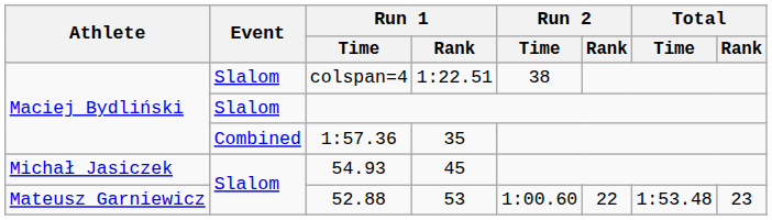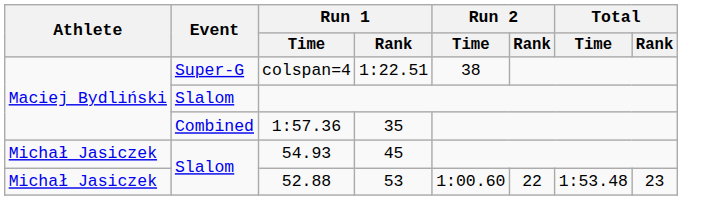 <table class="wikitable" style="font-size:90%">
 <tr>
 <th rowspan=2>Athlete</th>
 <th rowspan=2>Event</th>
 <th colspan=2>Run 1</th>
 <th colspan=2>Run 2</th>
 <th colspan=2>Total</th>
 </tr>
 <tr style="font-size:95%">
 <th>Time</th>
 <th>Rank</th>
 <th>Time</th>
 <th>Rank</th>
 <th>Time</th>
 <th>Rank</th>
 </tr>
 <tr align=center>
 <td align=left rowspan=3><a href='#'>Maciej Bydliński</a></td>
-<td align=left><a href='#'>Slalom</a></td>
+<td align=left><a href='#'>Super-G</a></td>
 <td>colspan=4 </td>
 <td>1:22.51</td>
 <td>38</td>
 </tr>
 <tr align=center>
 <td align=left><a href='#'>Slalom</a></td>
 <td colspan=6></td>
 </tr>
 <tr align=center>
 <td align=left><a href='#'>Combined</a></td>
 <td>1:57.36</td>
 <td>35</td>
 <td colspan=4></td>
 </tr>
 <tr align=center>
 <td align=left><a href='#'>Michał Jasiczek</a></td>
 <td align=left rowspan=2><a href='#'>Slalom</a></td>
 <td>54.93</td>
 <td>45</td>
 <td colspan=4></td>
 </tr>
 <tr align=center>
-<td align=left><a href='#'>Mateusz Garniewicz</a></td>
+<td align=left><a href='#'>Michał Jasiczek</a></td>
 <td>52.88</td>
 <td>53</td>
 <td>1:00.60</td>
 <td>22</td>
 <td>1:53.48</td>
 <td>23</td>
 </tr>
 </table>
